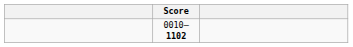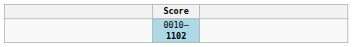 <table class="wikitable" style="text-align: center; font-size:90% ">
 <tr>
 <th align="right" width="200"></th>
 <th width="60">Score</th>
 <th align="left" width="200"></th>
 </tr>
 <tr>
 <td align="left"></td>
-<td>0010–<strong>1102</strong></td>
+<td style="background: lightblue;">0010–<strong>1102</strong></td>
 <td align="left"><strong></strong></td>
 </tr>
 </table>
